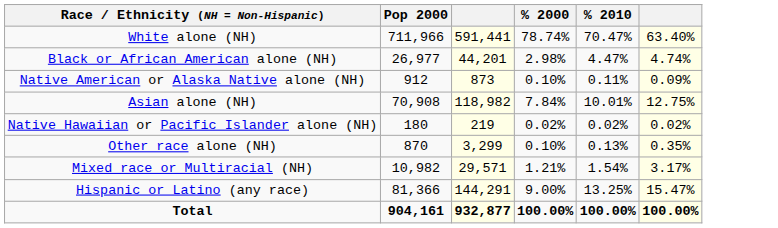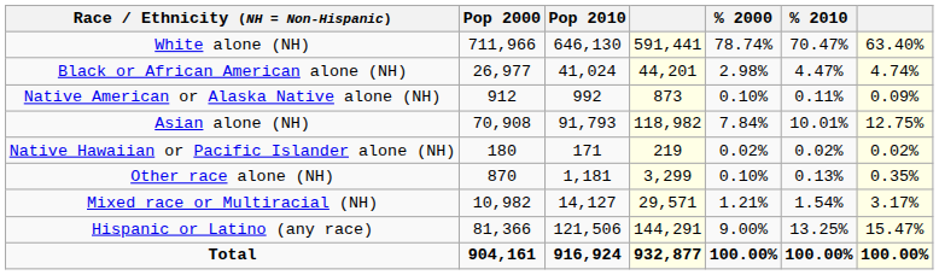 <table class="wikitable"  style="text-align:center;">
 <tr>
 <th>Race / Ethnicity <small>(<em>NH = Non-Hispanic</em>)</small></th>
 <th>Pop 2000</th>
+<th>Pop 2010</th>
 <th></th>
 <th>% 2000</th>
 <th>% 2010</th>
 <th></th>
 </tr>
 <tr>
 <td><a href='#'>White</a> alone (NH)</td>
 <td>711,966</td>
+<td>646,130</td>
 <td style='background: #ffffe6;'>591,441</td>
 <td>78.74%</td>
 <td>70.47%</td>
 <td style='background: #ffffe6;'>63.40%</td>
 </tr>
 <tr>
 <td><a href='#'>Black or African American</a> alone (NH)</td>
 <td>26,977</td>
+<td>41,024</td>
 <td style='background: #ffffe6;'>44,201</td>
 <td>2.98%</td>
 <td>4.47%</td>
 <td style='background: #ffffe6;'>4.74%</td>
 </tr>
 <tr>
 <td><a href='#'>Native American</a> or <a href='#'>Alaska Native</a> alone (NH)</td>
 <td>912</td>
+<td>992</td>
 <td style='background: #ffffe6;'>873</td>
 <td>0.10%</td>
 <td>0.11%</td>
 <td style='background: #ffffe6;'>0.09%</td>
 </tr>
 <tr>
 <td><a href='#'>Asian</a> alone (NH)</td>
 <td>70,908</td>
+<td>91,793</td>
 <td style='background: #ffffe6;'>118,982</td>
 <td>7.84%</td>
 <td>10.01%</td>
 <td style='background: #ffffe6;'>12.75%</td>
 </tr>
 <tr>
 <td><a href='#'>Native Hawaiian</a> or <a href='#'>Pacific Islander</a> alone (NH)</td>
 <td>180</td>
+<td>171</td>
 <td style='background: #ffffe6;'>219</td>
 <td>0.02%</td>
 <td>0.02%</td>
 <td style='background: #ffffe6;'>0.02%</td>
 </tr>
 <tr>
 <td><a href='#'>Other race</a> alone (NH)</td>
 <td>870</td>
+<td>1,181</td>
 <td style='background: #ffffe6;'>3,299</td>
 <td>0.10%</td>
 <td>0.13%</td>
 <td style='background: #ffffe6;'>0.35%</td>
 </tr>
 <tr>
 <td><a href='#'>Mixed race or Multiracial</a> (NH)</td>
 <td>10,982</td>
+<td>14,127</td>
 <td style='background: #ffffe6;'>29,571</td>
 <td>1.21%</td>
 <td>1.54%</td>
 <td style='background: #ffffe6;'>3.17%</td>
 </tr>
 <tr>
 <td><a href='#'>Hispanic or Latino</a> (any race)</td>
 <td>81,366</td>
+<td>121,506</td>
 <td style='background: #ffffe6;'>144,291</td>
 <td>9.00%</td>
 <td>13.25%</td>
 <td style='background: #ffffe6;'>15.47%</td>
 </tr>
 <tr>
 <td><strong>Total</strong></td>
 <td><strong>904,161</strong></td>
+<td><strong>916,924</strong></td>
 <td style='background: #ffffe6;'><strong>932,877</strong></td>
 <td><strong>100.00%</strong></td>
 <td><strong>100.00%</strong></td>
 <td style='background: #ffffe6;'><strong>100.00%</strong></td>
 </tr>
 </table>
